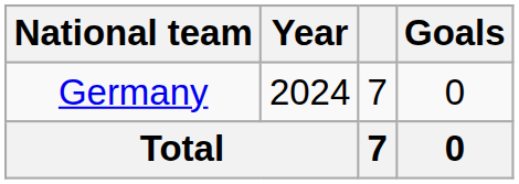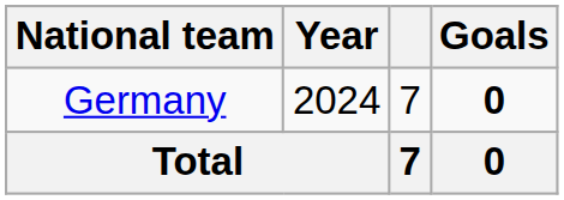 <table class="wikitable" style="text-align: center">
 <tr>
 <th>National team</th>
 <th>Year</th>
 <th></th>
 <th>Goals</th>
 </tr>
 <tr>
 <td><a href='#'>Germany</a></td>
 <td>2024</td>
 <td>7</td>
-<td>0</td>
+<td><strong>0</strong></td>
 </tr>
 <tr>
 <th colspan="2">Total</th>
 <th>7</th>
 <th>0</th>
 </tr>
 </table>
